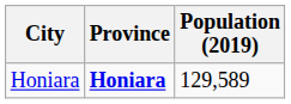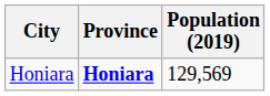 <table class="wikitable sortable">
 <tr>
 <th>City</th>
 <th>Province</th>
 <th>Population <br>(2019)</th>
 </tr>
 <tr>
 <td><a href='#'>Honiara</a></td>
 <td><strong><a href='#'>Honiara</a></strong></td>
-<td>129,589</td>
+<td>129,569</td>
 </tr>
 </table>
